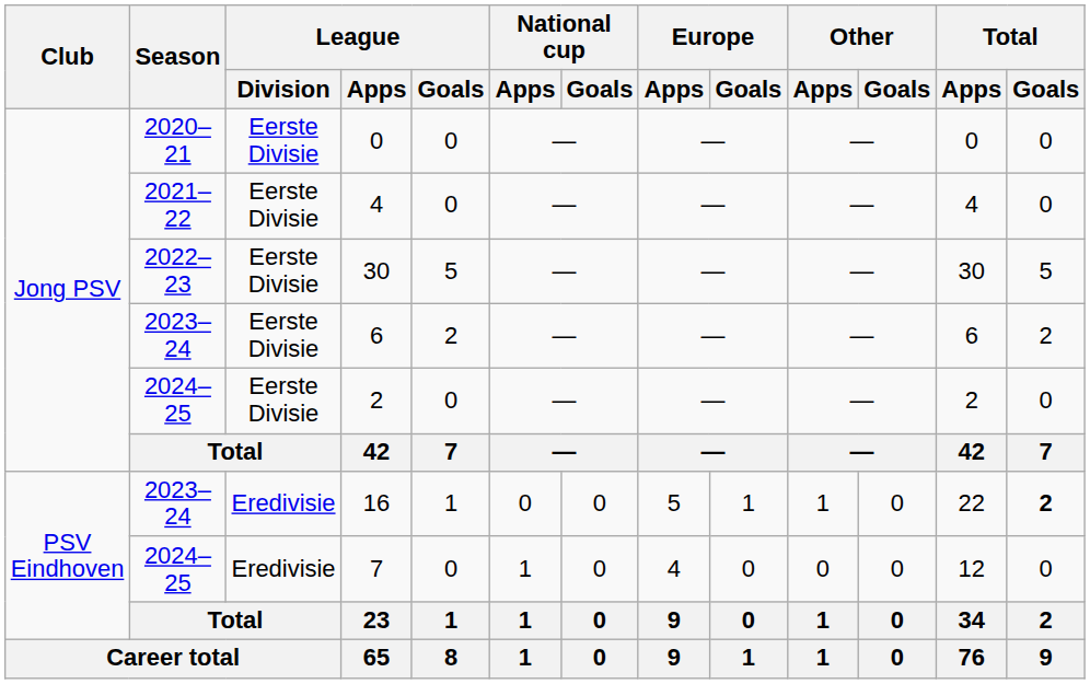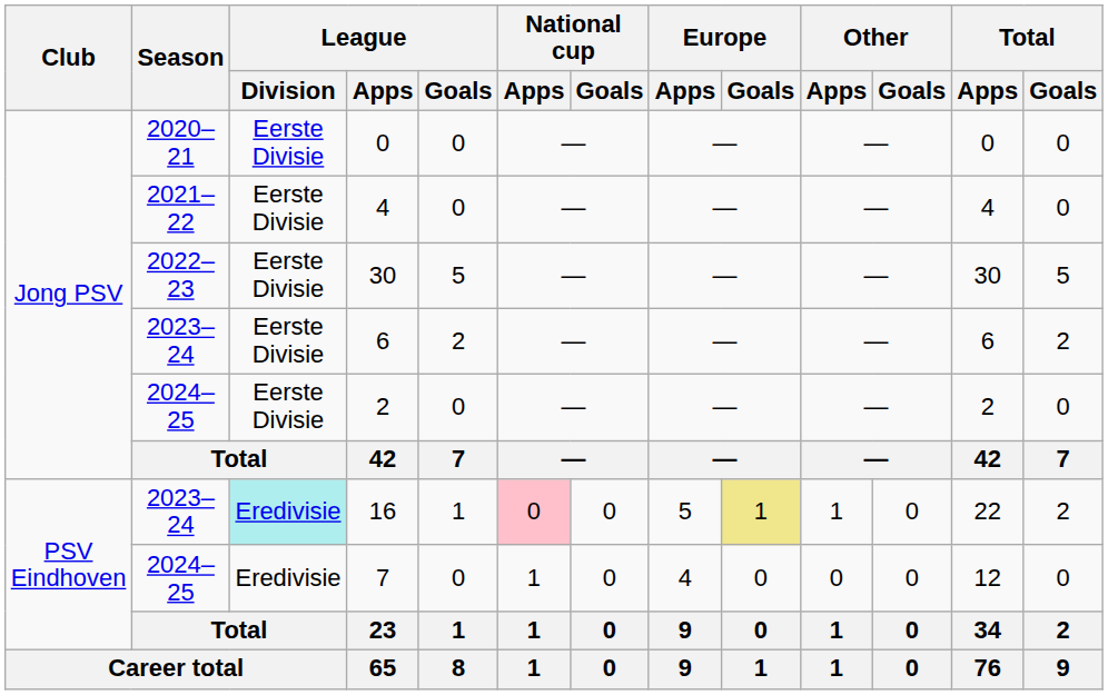 <table class="wikitable" style="text-align: center">
 <tr>
 <th rowspan="2">Club</th>
 <th rowspan="2">Season</th>
 <th colspan="3">League</th>
 <th colspan="2">National cup</th>
 <th colspan="2">Europe</th>
 <th colspan="2">Other</th>
 <th colspan="2">Total</th>
 </tr>
 <tr>
 <th>Division</th>
 <th>Apps</th>
 <th>Goals</th>
 <th>Apps</th>
 <th>Goals</th>
 <th>Apps</th>
 <th>Goals</th>
 <th>Apps</th>
 <th>Goals</th>
 <th>Apps</th>
 <th>Goals</th>
 </tr>
 <tr>
 <td rowspan="6"><a href='#'>Jong PSV</a></td>
 <td><a href='#'>2020–21</a></td>
 <td><a href='#'>Eerste Divisie</a></td>
 <td>0</td>
 <td>0</td>
 <td colspan="2">—</td>
 <td colspan="2">—</td>
 <td colspan="2">—</td>
 <td>0</td>
 <td>0</td>
 </tr>
 <tr>
 <td><a href='#'>2021–22</a></td>
 <td>Eerste Divisie</td>
 <td>4</td>
 <td>0</td>
 <td colspan="2">—</td>
 <td colspan="2">—</td>
 <td colspan="2">—</td>
 <td>4</td>
 <td>0</td>
 </tr>
 <tr>
 <td><a href='#'>2022–23</a></td>
 <td>Eerste Divisie</td>
 <td>30</td>
 <td>5</td>
 <td colspan="2">—</td>
 <td colspan="2">—</td>
 <td colspan="2">—</td>
 <td>30</td>
 <td>5</td>
 </tr>
 <tr>
 <td><a href='#'>2023–24</a></td>
 <td>Eerste Divisie</td>
 <td>6</td>
 <td>2</td>
 <td colspan="2">—</td>
 <td colspan="2">—</td>
 <td colspan="2">—</td>
 <td>6</td>
 <td>2</td>
 </tr>
 <tr>
 <td><a href='#'>2024–25</a></td>
 <td>Eerste Divisie</td>
 <td>2</td>
 <td>0</td>
 <td colspan="2">—</td>
 <td colspan="2">—</td>
 <td colspan="2">—</td>
 <td>2</td>
 <td>0</td>
 </tr>
 <tr>
 <th colspan="2">Total</th>
 <th>42</th>
 <th>7</th>
 <th colspan="2">—</th>
 <th colspan="2">—</th>
 <th colspan="2">—</th>
 <th>42</th>
 <th>7</th>
 </tr>
 <tr>
 <td rowspan="3"><a href='#'>PSV Eindhoven</a></td>
 <td><a href='#'>2023–24</a></td>
-<td><a href='#'>Eredivisie</a></td>
+<td style="background: paleturquoise;"><a href='#'>Eredivisie</a></td>
 <td>16</td>
 <td>1</td>
-<td>0</td>
+<td style="background: pink;">0</td>
 <td>0</td>
 <td>5</td>
-<td>1</td>
+<td style="background: khaki;">1</td>
 <td>1</td>
 <td>0</td>
 <td>22</td>
-<td><strong>2</strong></td>
+<td>2</td>
 </tr>
 <tr>
 <td><a href='#'>2024–25</a></td>
 <td>Eredivisie</td>
 <td>7</td>
 <td>0</td>
 <td>1</td>
 <td>0</td>
 <td>4</td>
 <td>0</td>
 <td>0</td>
 <td>0</td>
 <td>12</td>
 <td>0</td>
 </tr>
 <tr>
 <th colspan="2">Total</th>
 <th>23</th>
 <th>1</th>
 <th>1</th>
 <th>0</th>
 <th>9</th>
 <th>0</th>
 <th>1</th>
 <th>0</th>
 <th>34</th>
 <th>2</th>
 </tr>
 <tr>
 <th colspan="3">Career total</th>
 <th>65</th>
 <th>8</th>
 <th>1</th>
 <th>0</th>
 <th>9</th>
 <th>1</th>
 <th>1</th>
 <th>0</th>
 <th>76</th>
 <th>9</th>
 </tr>
 </table>
